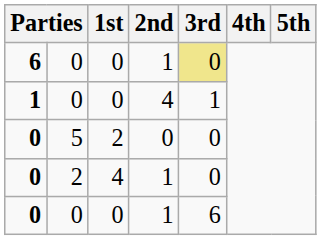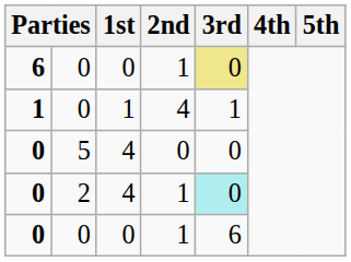 <table class="wikitable" style="text-align:right;">
 <tr>
 <th colspan=2 style="text-align:left;">Parties</th>
 <th>1st</th>
 <th>2nd</th>
 <th>3rd</th>
 <th>4th</th>
 <th>5th</th>
 </tr>
 <tr>
 <td><strong>6</strong></td>
 <td>0</td>
 <td>0</td>
 <td>1</td>
 <td style="background: khaki;">0</td>
 </tr>
 <tr>
 <td><strong>1</strong></td>
 <td>0</td>
-<td>0</td>
+<td>1</td>
 <td>4</td>
 <td>1</td>
 </tr>
 <tr>
 <td><strong>0</strong></td>
 <td>5</td>
-<td>2</td>
+<td>4</td>
 <td>0</td>
 <td>0</td>
 </tr>
 <tr>
 <td><strong>0</strong></td>
 <td>2</td>
 <td>4</td>
 <td>1</td>
-<td>0</td>
+<td style="background: paleturquoise;">0</td>
 </tr>
 <tr>
 <td><strong>0</strong></td>
 <td>0</td>
 <td>0</td>
 <td>1</td>
 <td>6</td>
 </tr>
 </table>
